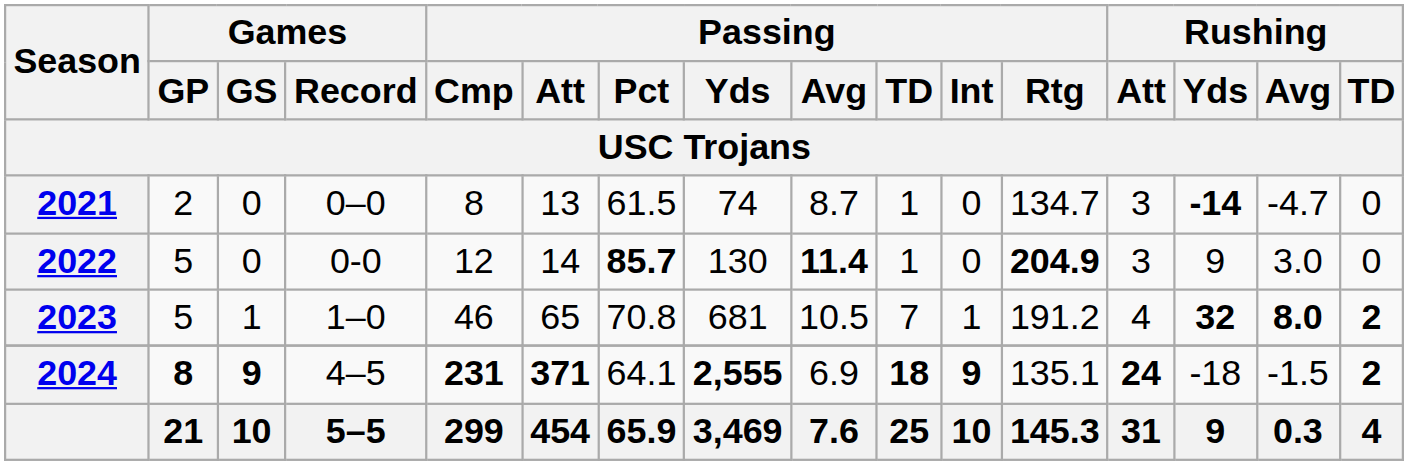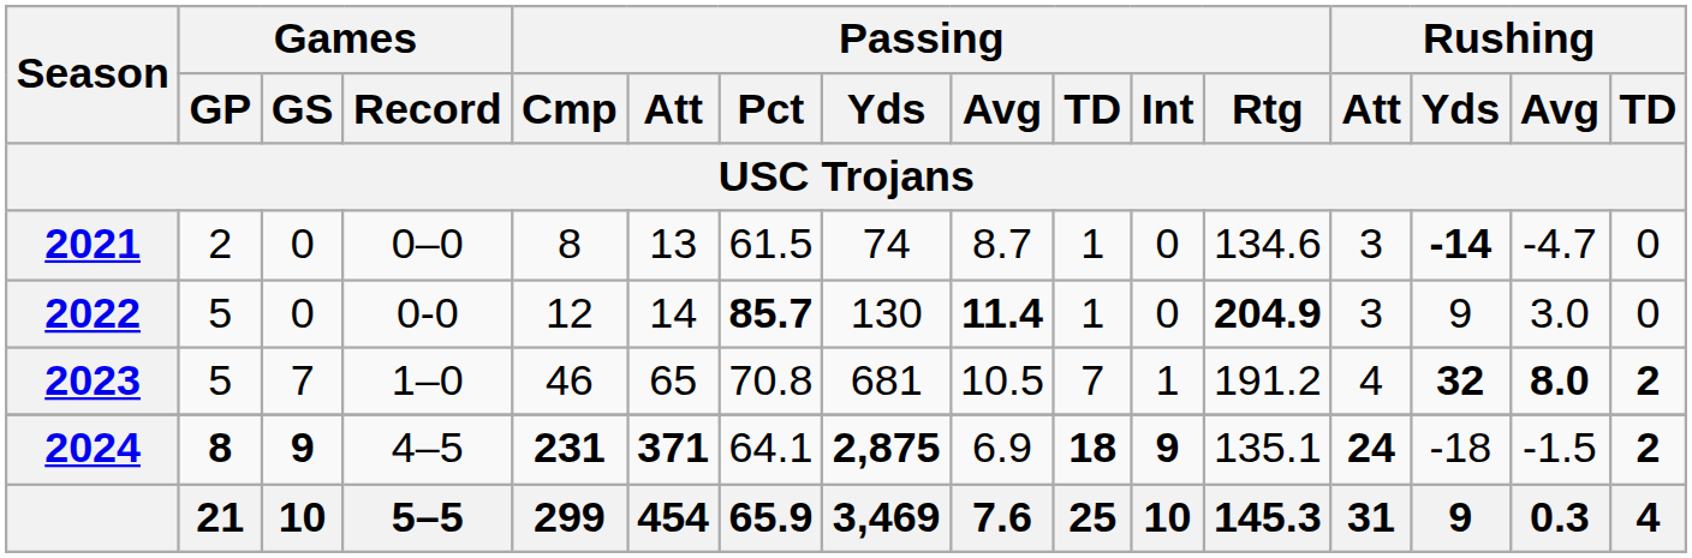 <table class="wikitable" style="text-align:center;">
 <tr>
 <th rowspan="2">Season</th>
 <th colspan="3">Games</th>
 <th colspan="8">Passing</th>
 <th colspan="4">Rushing</th>
 </tr>
 <tr>
 <th>GP</th>
 <th>GS</th>
 <th>Record</th>
 <th>Cmp</th>
 <th>Att</th>
 <th>Pct</th>
 <th>Yds</th>
 <th>Avg</th>
 <th>TD</th>
 <th>Int</th>
 <th>Rtg</th>
 <th>Att</th>
 <th>Yds</th>
 <th>Avg</th>
 <th>TD</th>
 </tr>
 <tr>
 <th colspan="16">USC Trojans</th>
 </tr>
 <tr>
 <th><a href='#'>2021</a></th>
 <td>2</td>
 <td>0</td>
 <td>0–0</td>
 <td>8</td>
 <td>13</td>
 <td>61.5</td>
 <td>74</td>
 <td>8.7</td>
 <td>1</td>
 <td>0</td>
-<td>134.7</td>
+<td>134.6</td>
 <td>3</td>
 <td><strong>-14</strong></td>
 <td>-4.7</td>
 <td>0</td>
 </tr>
 <tr>
 <th><a href='#'>2022</a></th>
 <td>5</td>
 <td>0</td>
 <td>0-0</td>
 <td>12</td>
 <td>14</td>
 <td><strong>85.7</strong></td>
 <td>130</td>
 <td><strong>11.4</strong></td>
 <td>1</td>
 <td>0</td>
 <td><strong>204.9</strong></td>
 <td>3</td>
 <td>9</td>
 <td>3.0</td>
 <td>0</td>
 </tr>
 <tr>
 <th><a href='#'>2023</a></th>
 <td>5</td>
-<td>1</td>
+<td>7</td>
 <td>1–0</td>
 <td>46</td>
 <td>65</td>
 <td>70.8</td>
 <td>681</td>
 <td>10.5</td>
 <td>7</td>
 <td>1</td>
 <td>191.2</td>
 <td>4</td>
 <td><strong>32</strong></td>
 <td><strong>8.0</strong></td>
 <td><strong>2</strong></td>
 </tr>
 <tr>
 </tr>
 <tr>
 <th><a href='#'>2024</a></th>
 <td><strong>8</strong></td>
 <td><strong>9</strong></td>
 <td>4–5</td>
 <td><strong>231</strong></td>
 <td><strong>371</strong></td>
 <td>64.1</td>
-<td><strong>2,555</strong></td>
+<td><strong>2,875</strong></td>
 <td>6.9</td>
 <td><strong>18</strong></td>
 <td><strong>9</strong></td>
 <td>135.1</td>
 <td><strong>24</strong></td>
 <td>-18</td>
 <td>-1.5</td>
 <td><strong>2</strong></td>
 </tr>
 <tr>
 <th></th>
 <th>21</th>
 <th>10</th>
 <th>5–5</th>
 <th>299</th>
 <th>454</th>
 <th>65.9</th>
 <th>3,469</th>
 <th>7.6</th>
 <th>25</th>
 <th>10</th>
 <th>145.3</th>
 <th>31</th>
 <th>9</th>
 <th>0.3</th>
 <th>4</th>
 </tr>
 </table>
